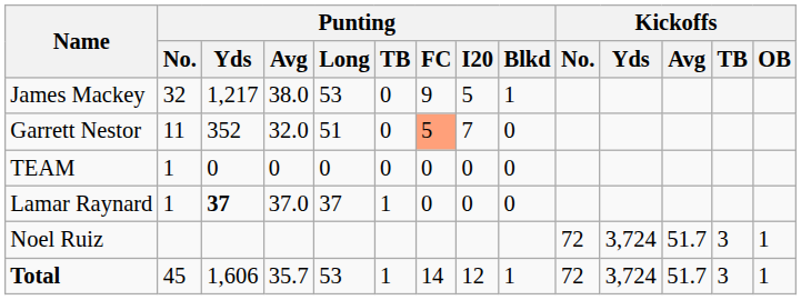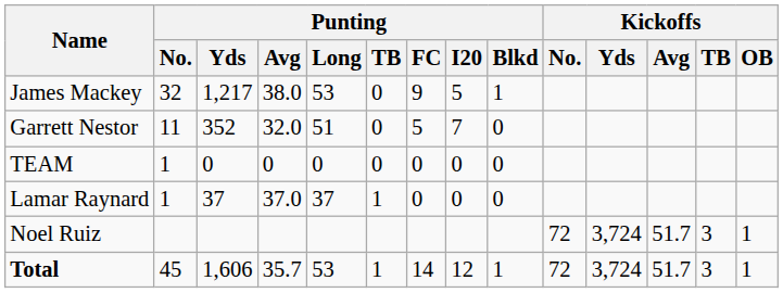 <table class="wikitable" style="white-space:nowrap;">
 <tr>
 <th rowspan="2">Name</th>
 <th colspan="8">Punting</th>
 <th colspan="5">Kickoffs</th>
 </tr>
 <tr>
 <th>No.</th>
 <th>Yds</th>
 <th>Avg</th>
 <th>Long</th>
 <th>TB</th>
 <th>FC</th>
 <th>I20</th>
 <th>Blkd</th>
 <th>No.</th>
 <th>Yds</th>
 <th>Avg</th>
 <th>TB</th>
 <th>OB</th>
 </tr>
 <tr>
 <td>James Mackey</td>
 <td>32</td>
 <td>1,217</td>
 <td>38.0</td>
 <td>53</td>
 <td>0</td>
 <td>9</td>
 <td>5</td>
 <td>1</td>
 <td></td>
 <td></td>
 <td></td>
 <td></td>
 <td></td>
 </tr>
 <tr>
 <td>Garrett Nestor</td>
 <td>11</td>
 <td>352</td>
 <td>32.0</td>
 <td>51</td>
 <td>0</td>
-<td style="background: lightsalmon;">5</td>
+<td>5</td>
 <td>7</td>
 <td>0</td>
 <td></td>
 <td></td>
 <td></td>
 <td></td>
 <td></td>
 </tr>
 <tr>
 <td>TEAM</td>
 <td>1</td>
 <td>0</td>
 <td>0</td>
 <td>0</td>
 <td>0</td>
 <td>0</td>
 <td>0</td>
 <td>0</td>
 <td></td>
 <td></td>
 <td></td>
 <td></td>
 <td></td>
 </tr>
 <tr>
 <td>Lamar Raynard</td>
 <td>1</td>
-<td><strong>37</strong></td>
+<td>37</td>
 <td>37.0</td>
 <td>37</td>
 <td>1</td>
 <td>0</td>
 <td>0</td>
 <td>0</td>
 <td></td>
 <td></td>
 <td></td>
 <td></td>
 <td></td>
 </tr>
 <tr>
 <td>Noel Ruiz</td>
 <td></td>
 <td></td>
 <td></td>
 <td></td>
 <td></td>
 <td></td>
 <td></td>
 <td></td>
 <td>72</td>
 <td>3,724</td>
 <td>51.7</td>
 <td>3</td>
 <td>1</td>
 </tr>
 <tr>
 <td><strong>Total</strong></td>
 <td>45</td>
 <td>1,606</td>
 <td>35.7</td>
 <td>53</td>
 <td>1</td>
 <td>14</td>
 <td>12</td>
 <td>1</td>
 <td>72</td>
 <td>3,724</td>
 <td>51.7</td>
 <td>3</td>
 <td>1</td>
 </tr>
 </table>
